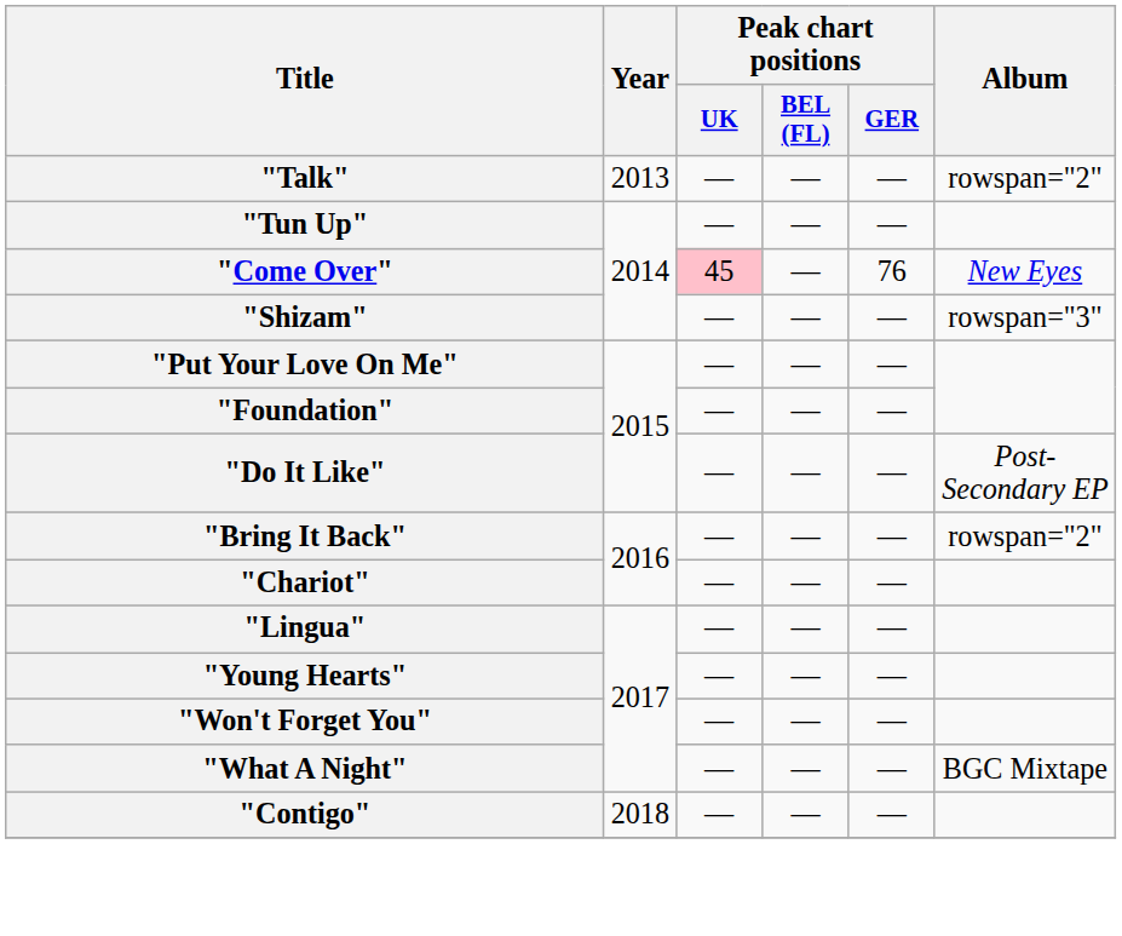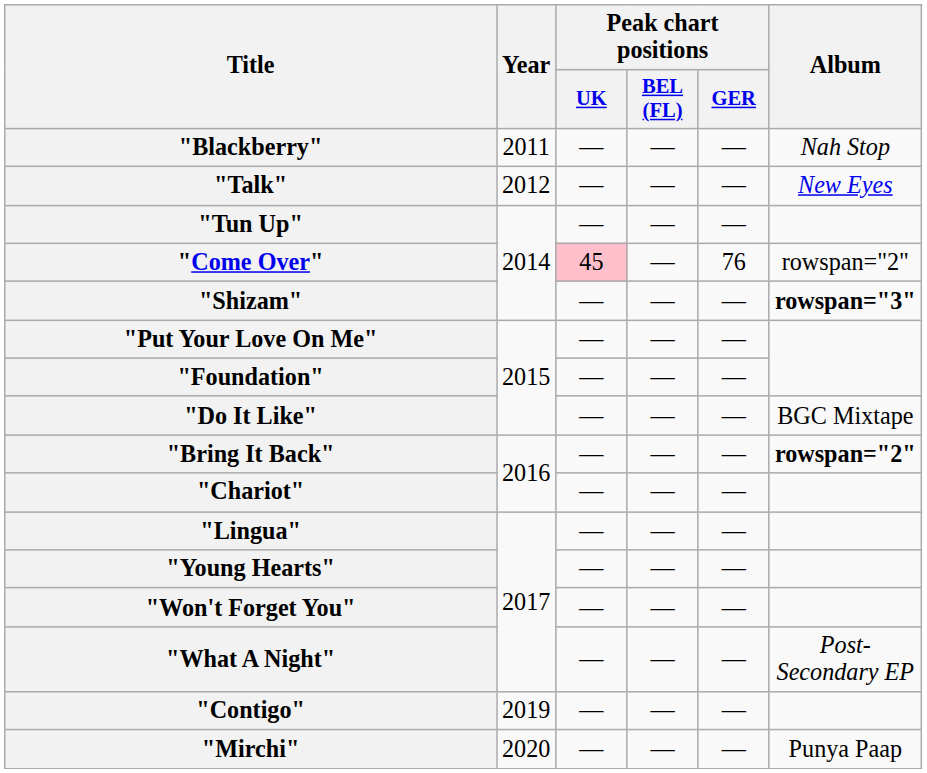 <table class="wikitable plainrowheaders" style="text-align:center;">
 <tr>
 <th scope="col" rowspan="2" style="width:20em;">Title</th>
 <th scope="col" rowspan="2" style="width:2em;">Year</th>
 <th scope="col" colspan="3">Peak chart positions</th>
 <th scope="col" rowspan="2">Album</th>
 </tr>
 <tr>
 <th scope="col" style="width:3em;font-size:85%;"><a href='#'>UK</a><br></th>
 <th scope="col" style="width:3em;font-size:85%;"><a href='#'>BEL<br>(FL)</a><br></th>
 <th scope="col" style="width:3em;font-size:85%;"><a href='#'>GER</a><br></th>
 </tr>
 <tr>
-<th scope="row">"Talk"<br></th>
-<td>2013</td>
+<th scope="row">"Blackberry"<br></th>
+<td>2011</td>
 <td>—</td>
 <td>—</td>
 <td>—</td>
-<td>rowspan="2" </td>
+<td><em>Nah Stop</em></td>
+</tr>
+<tr>
+<th scope="row">"Talk"<br></th>
+<td>2012</td>
+<td>—</td>
+<td>—</td>
+<td>—</td>
+<td><em><a href='#'>New Eyes</a></em></td>
 </tr>
 <tr>
 <th scope="row">"Tun Up"<br></th>
 <td rowspan="3">2014</td>
 <td>—</td>
 <td>—</td>
 <td>—</td>
 </tr>
 <tr>
 <th scope="row">"<a href='#'>Come Over</a>"<br></th>
 <td style="background: pink;">45</td>
 <td>—</td>
 <td>76</td>
-<td><em><a href='#'>New Eyes</a></em></td>
+<td>rowspan="2" </td>
 </tr>
 <tr>
 <th scope="row">"Shizam"<br></th>
 <td>—</td>
 <td>—</td>
 <td>—</td>
-<td>rowspan="3" </td>
+<td><strong>rowspan="3" </strong></td>
 </tr>
 <tr>
 <th scope="row">"Put Your Love On Me"<br></th>
 <td rowspan="3">2015</td>
 <td>—</td>
 <td>—</td>
 <td>—</td>
 </tr>
 <tr>
 <th scope="row">"Foundation"<br></th>
 <td>—</td>
 <td>—</td>
 <td>—</td>
 </tr>
 <tr>
 <th scope="row">"Do It Like"<br></th>
 <td>—</td>
 <td>—</td>
 <td>—</td>
-<td><em>Post-Secondary EP</em></td>
+<td>BGC Mixtape</td>
 </tr>
 <tr>
 <th scope="row">"Bring It Back"<br></th>
 <td rowspan="2">2016</td>
 <td>—</td>
 <td>—</td>
 <td>—</td>
-<td>rowspan="2" </td>
+<td><strong>rowspan="2" </strong></td>
 </tr>
 <tr>
 <th scope="row">"Chariot"<br></th>
 <td>—</td>
 <td>—</td>
 <td>—</td>
 </tr>
 <tr>
 <th scope="row">"Lingua"<br></th>
 <td rowspan="4">2017</td>
 <td>—</td>
 <td>—</td>
 <td>—</td>
 <td></td>
 </tr>
 <tr>
 <th scope="row">"Young Hearts"<br></th>
 <td>—</td>
 <td>—</td>
 <td>—</td>
 <td></td>
 </tr>
 <tr>
 <th scope="row">"Won't Forget You"<br></th>
 <td>—</td>
 <td>—</td>
 <td>—</td>
 <td></td>
 </tr>
 <tr>
 <th scope="row">"What A Night"<br></th>
 <td>—</td>
 <td>—</td>
 <td>—</td>
-<td>BGC Mixtape</td>
+<td><em>Post-Secondary EP</em></td>
 </tr>
 <tr>
 <th scope="row">"Contigo"<br></th>
-<td>2018</td>
+<td>2019</td>
 <td>—</td>
 <td>—</td>
 <td>—</td>
 <td></td>
 </tr>
 <tr>
+<th scope="row">"Mirchi"<br></th>
+<td>2020</td>
+<td>—</td>
+<td>—</td>
+<td>—</td>
+<td>Punya Paap</td>
+</tr>
+<tr>
 </tr>
 </table>
